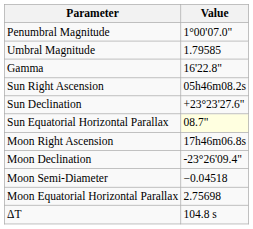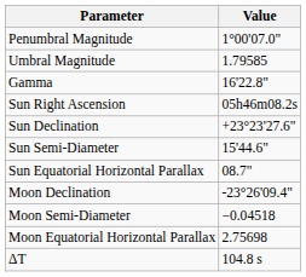 <table class="wikitable">
 <tr>
 <th>Parameter</th>
 <th>Value</th>
 </tr>
 <tr>
 <td>Penumbral Magnitude</td>
 <td>1°00'07.0"</td>
 </tr>
 <tr>
 <td>Umbral Magnitude</td>
 <td>1.79585</td>
 </tr>
 <tr>
 <td>Gamma</td>
 <td>16'22.8"</td>
 </tr>
 <tr>
 <td>Sun Right Ascension</td>
 <td>05h46m08.2s</td>
 </tr>
 <tr>
 <td>Sun Declination</td>
 <td>+23°23'27.6"</td>
 </tr>
 <tr>
-<td>Sun Equatorial Horizontal Parallax</td>
-<td style="background: lightyellow;">08.7"</td>
+<td>Sun Semi-Diameter</td>
+<td>15'44.6"</td>
 </tr>
 <tr>
-<td>Moon Right Ascension</td>
-<td>17h46m06.8s</td>
+<td>Sun Equatorial Horizontal Parallax</td>
+<td>08.7"</td>
 </tr>
 <tr>
 <td>Moon Declination</td>
 <td>-23°26'09.4"</td>
 </tr>
 <tr>
 <td>Moon Semi-Diameter</td>
 <td>−0.04518</td>
 </tr>
 <tr>
 <td>Moon Equatorial Horizontal Parallax</td>
 <td>2.75698</td>
 </tr>
 <tr>
 <td>ΔT</td>
 <td>104.8 s</td>
 </tr>
 </table>
